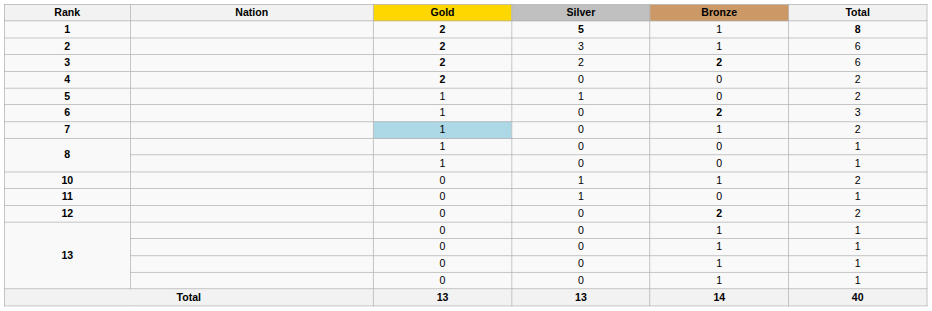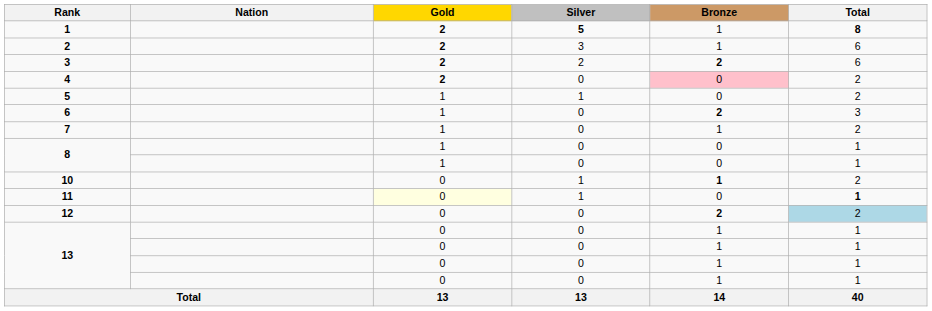 <table class="wikitable collapsible autocollapse plainrowheaders" width=70.5% style="text-align:center;">
 <tr style="background-color:#EDEDED;">
 <th width=100px class="hintergrundfarbe5">Rank</th>
 <th width=200px class="hintergrundfarbe6">Nation</th>
 <th style="background:    gold; width:15%">Gold</th>
 <th style="background:  silver; width:15%">Silver</th>
 <th style="background: #CC9966; width:15%">Bronze</th>
 <th class="hintergrundfarbe6" style="width:15%">Total</th>
 </tr>
 <tr>
 <td><strong>1</strong></td>
 <td align=left></td>
 <td><strong>2</strong></td>
 <td><strong>5</strong></td>
 <td>1</td>
 <td><strong>8</strong></td>
 </tr>
 <tr>
 <td><strong>2</strong></td>
 <td align=left></td>
 <td><strong>2</strong></td>
 <td>3</td>
 <td>1</td>
 <td>6</td>
 </tr>
 <tr>
 <td><strong>3</strong></td>
 <td align=left></td>
 <td><strong>2</strong></td>
 <td>2</td>
 <td><strong>2</strong></td>
 <td>6</td>
 </tr>
 <tr>
 <td><strong>4</strong></td>
 <td align=left></td>
 <td><strong>2</strong></td>
 <td>0</td>
-<td>0</td>
+<td style="background: pink;">0</td>
 <td>2</td>
 </tr>
 <tr>
 <td><strong>5</strong></td>
 <td align=left></td>
 <td>1</td>
 <td>1</td>
 <td>0</td>
 <td>2</td>
 </tr>
 <tr>
 <td><strong>6</strong></td>
 <td align=left></td>
 <td>1</td>
 <td>0</td>
 <td><strong>2</strong></td>
 <td>3</td>
 </tr>
 <tr>
 <td><strong>7</strong></td>
 <td align=left></td>
-<td style="background: lightblue;">1</td>
+<td>1</td>
 <td>0</td>
 <td>1</td>
 <td>2</td>
 </tr>
 <tr>
 <td rowspan=2><strong>8</strong></td>
 <td align=left></td>
 <td>1</td>
 <td>0</td>
 <td>0</td>
 <td>1</td>
 </tr>
 <tr>
 <td align=left></td>
 <td>1</td>
 <td>0</td>
 <td>0</td>
 <td>1</td>
 </tr>
 <tr>
 <td><strong>10</strong></td>
 <td align=left></td>
 <td>0</td>
 <td>1</td>
-<td>1</td>
+<td><strong>1</strong></td>
 <td>2</td>
 </tr>
 <tr>
 <td><strong>11</strong></td>
 <td align=left></td>
-<td>0</td>
+<td style="background: lightyellow;">0</td>
 <td>1</td>
 <td>0</td>
-<td>1</td>
+<td><strong>1</strong></td>
 </tr>
 <tr>
 <td><strong>12</strong></td>
 <td align=left></td>
 <td>0</td>
 <td>0</td>
 <td><strong>2</strong></td>
-<td>2</td>
+<td style="background: lightblue;">2</td>
 </tr>
 <tr>
 <td rowspan=4><strong>13</strong></td>
 <td align=left></td>
 <td>0</td>
 <td>0</td>
 <td>1</td>
 <td>1</td>
 </tr>
 <tr>
 <td align=left></td>
 <td>0</td>
 <td>0</td>
 <td>1</td>
 <td>1</td>
 </tr>
 <tr>
 <td align=left></td>
 <td>0</td>
 <td>0</td>
 <td>1</td>
 <td>1</td>
 </tr>
 <tr>
 <td align=left></td>
 <td>0</td>
 <td>0</td>
 <td>1</td>
 <td>1</td>
 </tr>
 <tr>
 <th colspan=2>Total</th>
 <th>13</th>
 <th>13</th>
 <th>14</th>
 <th>40</th>
 </tr>
 </table>
